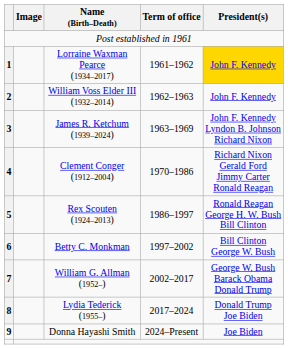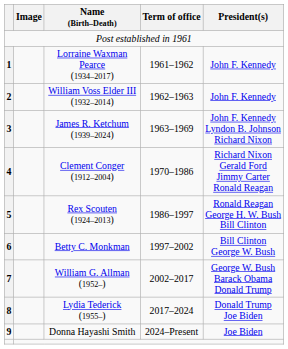 <table class="wikitable" style="text-align:center">
 <tr>
 <th></th>
 <th>Image</th>
 <th width=150>Name<br><small>(Birth–Death)</small></th>
 <th colspan=1>Term of office</th>
 <th>President(s)</th>
 </tr>
 <tr>
 <td colspan=6 align=center><em>Post established in 1961</em></td>
 </tr>
 <tr>
 <th>1</th>
 <td></td>
 <td><a href='#'>Lorraine Waxman Pearce</a><br>(<small>1934–2017</small>)</td>
 <td>1961–1962</td>
-<td style="background: gold;"><a href='#'>John F. Kennedy</a></td>
+<td><a href='#'>John F. Kennedy</a></td>
 </tr>
 <tr>
 <th>2</th>
 <td></td>
 <td><a href='#'>William Voss Elder III</a><br>(<small>1932–2014</small>)</td>
 <td>1962–1963</td>
 <td><a href='#'>John F. Kennedy</a></td>
 </tr>
 <tr>
 <th>3</th>
 <td></td>
 <td><a href='#'>James R. Ketchum</a><br>(<small>1939–2024</small>)</td>
 <td>1963–1969</td>
 <td><a href='#'>John F. Kennedy</a><br><a href='#'>Lyndon B. Johnson</a><br><a href='#'>Richard Nixon</a></td>
 </tr>
 <tr>
 <th>4</th>
 <td></td>
 <td><a href='#'>Clement Conger</a><br>(<small>1912–2004</small>)</td>
 <td>1970–1986</td>
 <td><a href='#'>Richard Nixon</a><br><a href='#'>Gerald Ford</a><br><a href='#'>Jimmy Carter</a><br><a href='#'>Ronald Reagan</a></td>
 </tr>
 <tr>
 <th>5</th>
 <td></td>
 <td><a href='#'>Rex Scouten</a><br>(<small>1924–2013</small>)</td>
 <td>1986–1997</td>
 <td><a href='#'>Ronald Reagan</a><br><a href='#'>George H. W. Bush</a><br><a href='#'>Bill Clinton</a></td>
 </tr>
 <tr>
 <th>6</th>
 <td></td>
 <td><a href='#'>Betty C. Monkman</a></td>
 <td>1997–2002</td>
 <td><a href='#'>Bill Clinton</a><br><a href='#'>George W. Bush</a></td>
 </tr>
 <tr>
 <th>7</th>
 <td></td>
 <td><a href='#'>William G. Allman</a><br>(<small>1952–</small>)</td>
 <td>2002–2017</td>
 <td><a href='#'>George W. Bush</a><br><a href='#'>Barack Obama</a><br><a href='#'>Donald Trump</a></td>
 </tr>
 <tr>
 <th>8</th>
 <td></td>
 <td><a href='#'>Lydia Tederick</a><br>(<small>1955–</small>)</td>
 <td>2017–2024</td>
 <td><a href='#'>Donald Trump</a><br><a href='#'>Joe Biden</a></td>
 </tr>
 <tr>
 <td><strong>9</strong></td>
 <td></td>
 <td>Donna Hayashi Smith</td>
 <td>2024–Present</td>
 <td><a href='#'>Joe Biden</a></td>
 </tr>
 <tr>
 <td></td>
 </tr>
 </table>
